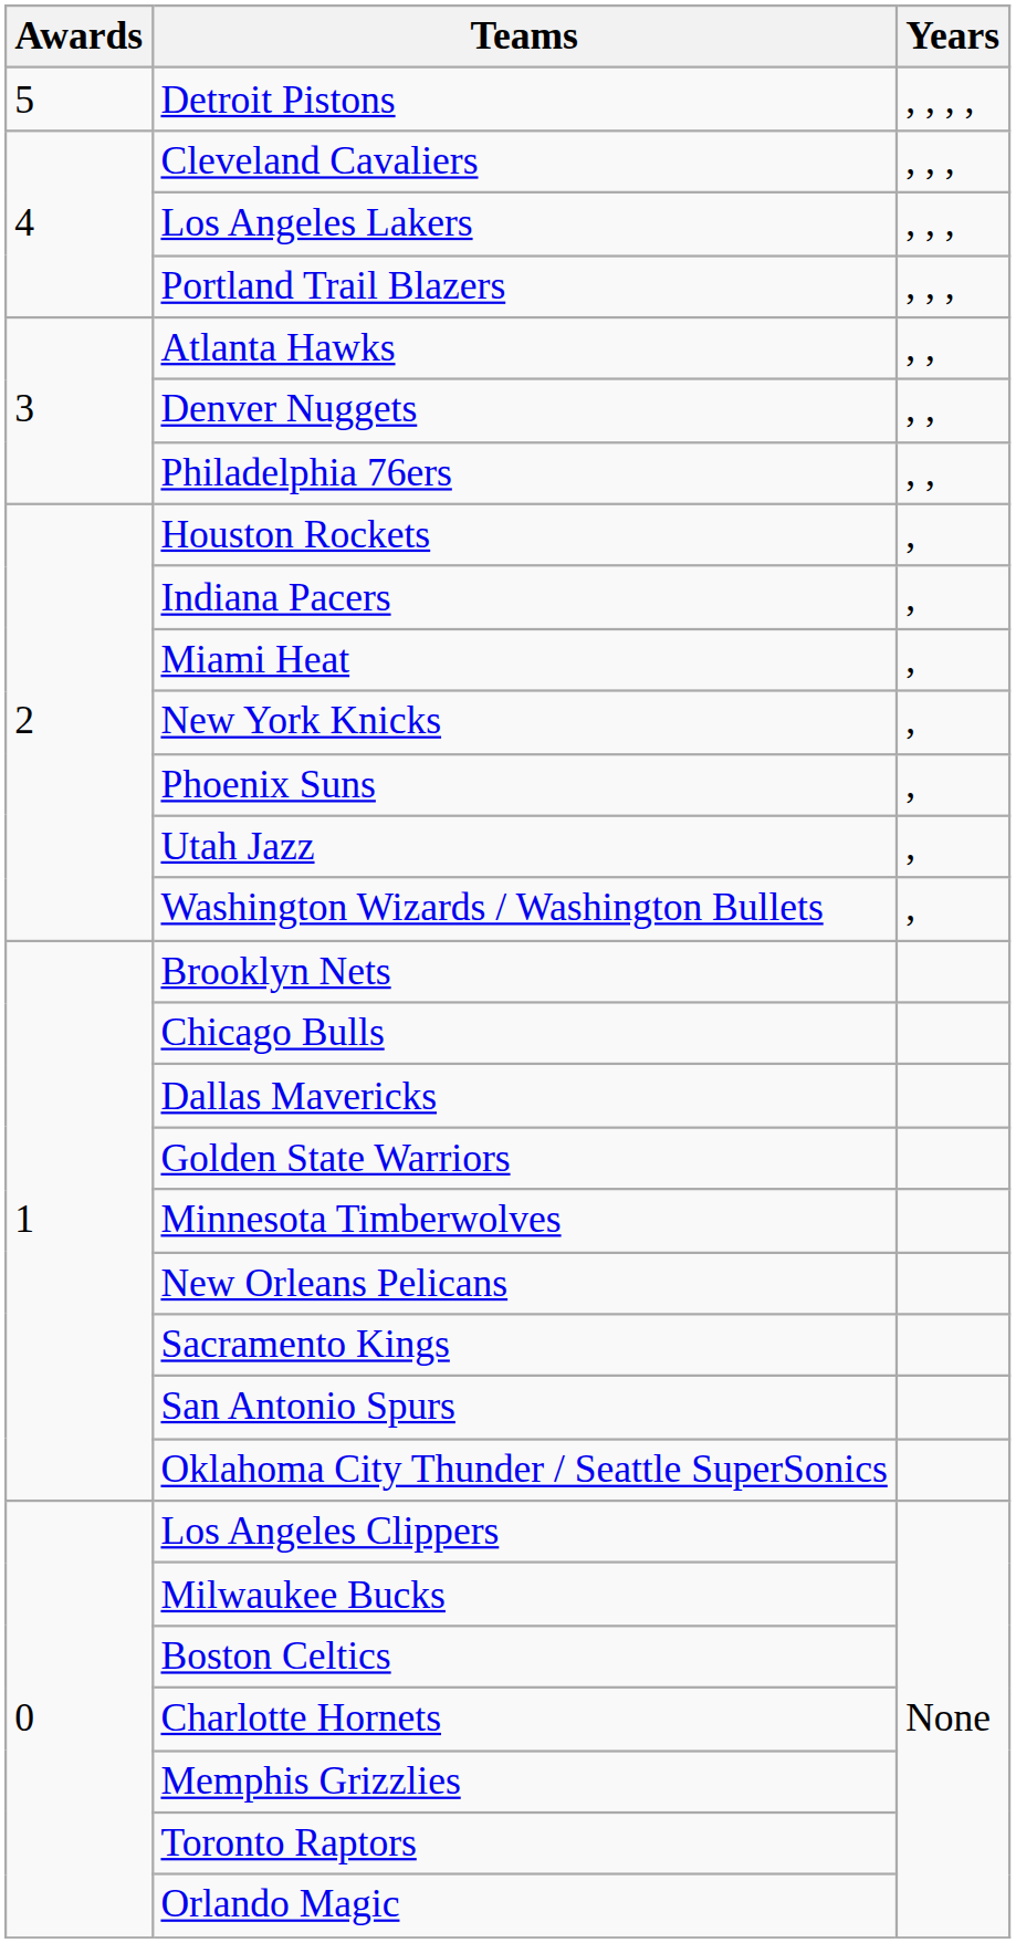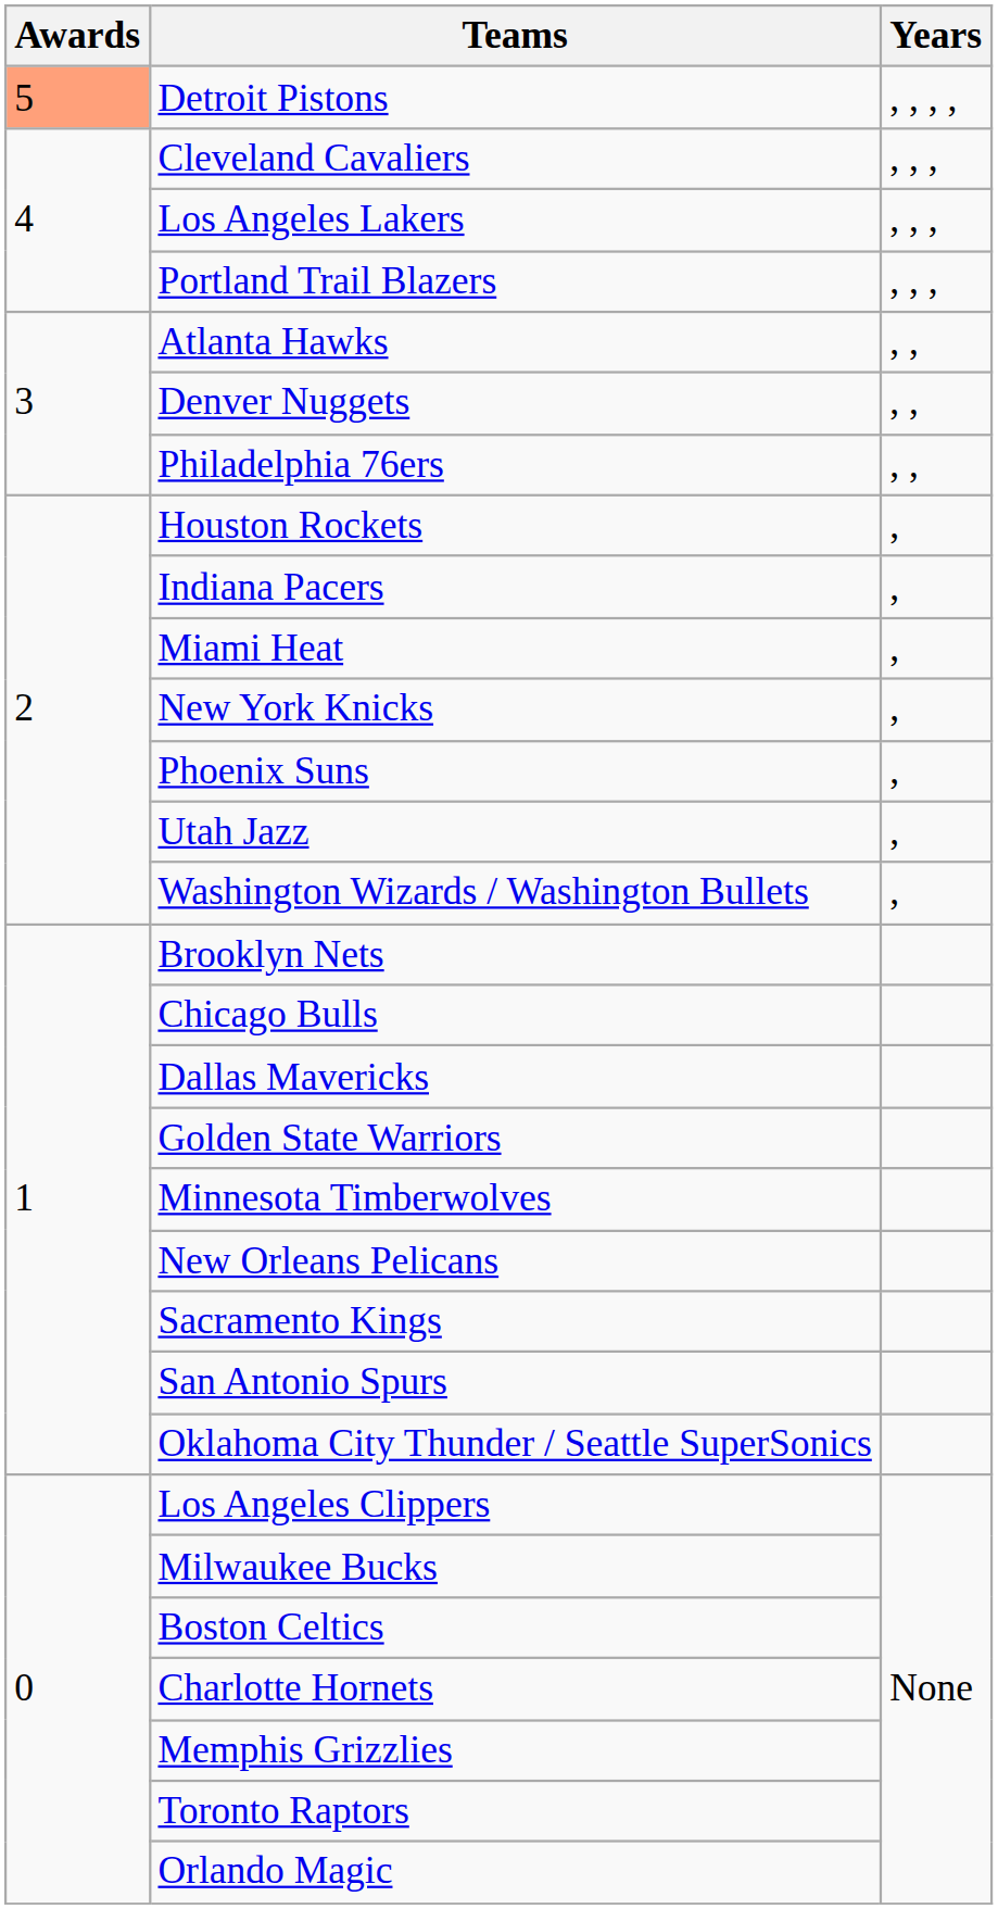 <table class="wikitable">
 <tr>
 <th>Awards</th>
 <th>Teams</th>
 <th>Years</th>
 </tr>
 <tr>
-<td>5</td>
+<td style="background: lightsalmon;">5</td>
 <td><a href='#'>Detroit Pistons</a></td>
 <td>, , , , </td>
 </tr>
 <tr>
 <td rowspan=3>4</td>
 <td><a href='#'>Cleveland Cavaliers</a></td>
 <td>, , , </td>
 </tr>
 <tr>
 <td><a href='#'>Los Angeles Lakers</a></td>
 <td>, , , </td>
 </tr>
 <tr>
 <td><a href='#'>Portland Trail Blazers</a></td>
 <td>, , , </td>
 </tr>
 <tr>
 <td rowspan=3>3</td>
 <td><a href='#'>Atlanta Hawks</a></td>
 <td>, , </td>
 </tr>
 <tr>
 <td><a href='#'>Denver Nuggets</a></td>
 <td>, , </td>
 </tr>
 <tr>
 <td><a href='#'>Philadelphia 76ers</a></td>
 <td>, , </td>
 </tr>
 <tr>
 <td rowspan=7>2</td>
 <td><a href='#'>Houston Rockets</a></td>
 <td>, </td>
 </tr>
 <tr>
 <td><a href='#'>Indiana Pacers</a></td>
 <td>, </td>
 </tr>
 <tr>
 <td><a href='#'>Miami Heat</a></td>
 <td>, </td>
 </tr>
 <tr>
 <td><a href='#'>New York Knicks</a></td>
 <td>, </td>
 </tr>
 <tr>
 <td><a href='#'>Phoenix Suns</a></td>
 <td>, </td>
 </tr>
 <tr>
 <td><a href='#'>Utah Jazz</a></td>
 <td>, </td>
 </tr>
 <tr>
 <td><a href='#'>Washington Wizards / Washington Bullets</a></td>
 <td>, </td>
 </tr>
 <tr>
 <td rowspan=9>1</td>
 <td><a href='#'>Brooklyn Nets</a></td>
 <td></td>
 </tr>
 <tr>
 <td><a href='#'>Chicago Bulls</a></td>
 <td></td>
 </tr>
 <tr>
 <td><a href='#'>Dallas Mavericks</a></td>
 <td></td>
 </tr>
 <tr>
 <td><a href='#'>Golden State Warriors</a></td>
 <td></td>
 </tr>
 <tr>
 <td><a href='#'>Minnesota Timberwolves</a></td>
 <td></td>
 </tr>
 <tr>
 <td><a href='#'>New Orleans Pelicans</a></td>
 <td></td>
 </tr>
 <tr>
 <td><a href='#'>Sacramento Kings</a></td>
 <td></td>
 </tr>
 <tr>
 <td><a href='#'>San Antonio Spurs</a></td>
 <td></td>
 </tr>
 <tr>
 <td><a href='#'>Oklahoma City Thunder / Seattle SuperSonics</a></td>
 <td></td>
 </tr>
 <tr>
 <td rowspan="8">0</td>
 <td><a href='#'>Los Angeles Clippers</a></td>
 <td rowspan="8">None</td>
 </tr>
 <tr>
 <td><a href='#'>Milwaukee Bucks</a></td>
 </tr>
 <tr>
 <td><a href='#'>Boston Celtics</a></td>
 </tr>
 <tr>
 <td><a href='#'>Charlotte Hornets</a></td>
 </tr>
 <tr>
 <td><a href='#'>Memphis Grizzlies</a></td>
 </tr>
 <tr>
 <td><a href='#'>Toronto Raptors</a></td>
 </tr>
 <tr>
 <td><a href='#'>Orlando Magic</a></td>
 </tr>
 </table>
